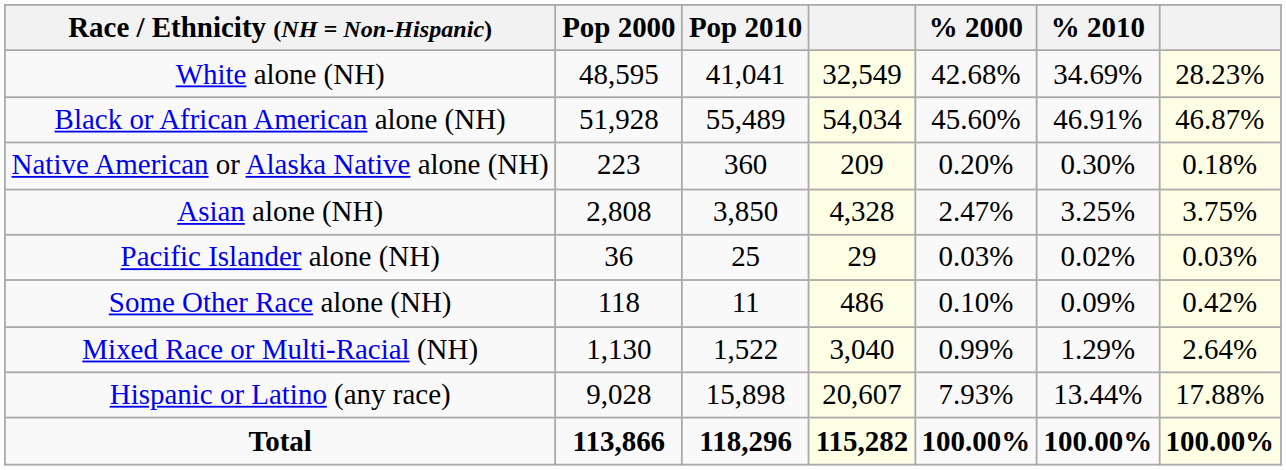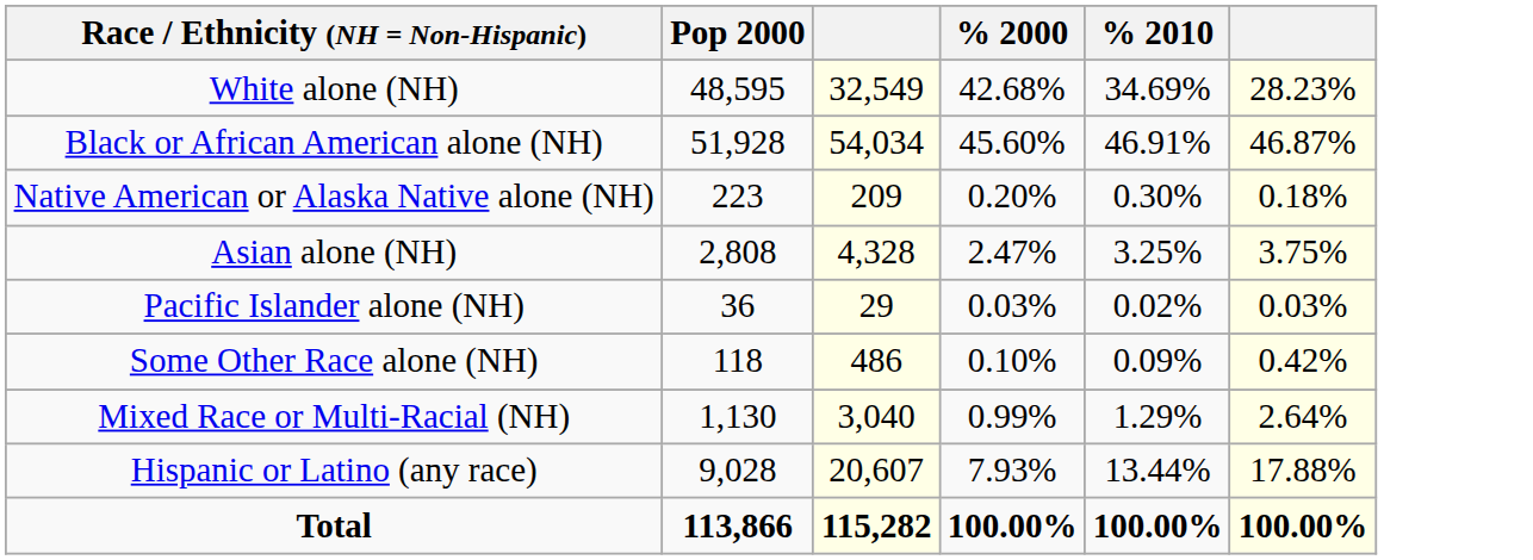 <table class="wikitable" style="text-align:center;">
 <tr>
 <th>Race / Ethnicity <small>(<em>NH = Non-Hispanic</em>)</small></th>
 <th>Pop 2000</th>
-<th>Pop 2010</th>
 <th></th>
 <th>% 2000</th>
 <th>% 2010</th>
 <th></th>
 </tr>
 <tr>
 <td><a href='#'>White</a> alone (NH)</td>
 <td>48,595</td>
-<td>41,041</td>
 <td style='background: #ffffe6;'>32,549</td>
 <td>42.68%</td>
 <td>34.69%</td>
 <td style='background: #ffffe6;'>28.23%</td>
 </tr>
 <tr>
 <td><a href='#'>Black or African American</a> alone (NH)</td>
 <td>51,928</td>
-<td>55,489</td>
 <td style='background: #ffffe6;'>54,034</td>
 <td>45.60%</td>
 <td>46.91%</td>
 <td style='background: #ffffe6;'>46.87%</td>
 </tr>
 <tr>
 <td><a href='#'>Native American</a> or <a href='#'>Alaska Native</a> alone (NH)</td>
 <td>223</td>
-<td>360</td>
 <td style='background: #ffffe6;'>209</td>
 <td>0.20%</td>
 <td>0.30%</td>
 <td style='background: #ffffe6;'>0.18%</td>
 </tr>
 <tr>
 <td><a href='#'>Asian</a> alone (NH)</td>
 <td>2,808</td>
-<td>3,850</td>
 <td style='background: #ffffe6;'>4,328</td>
 <td>2.47%</td>
 <td>3.25%</td>
 <td style='background: #ffffe6;'>3.75%</td>
 </tr>
 <tr>
 <td><a href='#'>Pacific Islander</a> alone (NH)</td>
 <td>36</td>
-<td>25</td>
 <td style='background: #ffffe6;'>29</td>
 <td>0.03%</td>
 <td>0.02%</td>
 <td style='background: #ffffe6;'>0.03%</td>
 </tr>
 <tr>
 <td><a href='#'>Some Other Race</a> alone (NH)</td>
 <td>118</td>
-<td>11</td>
 <td style='background: #ffffe6;'>486</td>
 <td>0.10%</td>
 <td>0.09%</td>
 <td style='background: #ffffe6;'>0.42%</td>
 </tr>
 <tr>
 <td><a href='#'>Mixed Race or Multi-Racial</a> (NH)</td>
 <td>1,130</td>
-<td>1,522</td>
 <td style='background: #ffffe6;'>3,040</td>
 <td>0.99%</td>
 <td>1.29%</td>
 <td style='background: #ffffe6;'>2.64%</td>
 </tr>
 <tr>
 <td><a href='#'>Hispanic or Latino</a> (any race)</td>
 <td>9,028</td>
-<td>15,898</td>
 <td style='background: #ffffe6;'>20,607</td>
 <td>7.93%</td>
 <td>13.44%</td>
 <td style='background: #ffffe6;'>17.88%</td>
 </tr>
 <tr>
 <td><strong>Total</strong></td>
 <td><strong>113,866</strong></td>
-<td><strong>118,296</strong></td>
 <td style='background: #ffffe6;'><strong>115,282</strong></td>
 <td><strong>100.00%</strong></td>
 <td><strong>100.00%</strong></td>
 <td style='background: #ffffe6;'><strong>100.00%</strong></td>
 </tr>
 </table>
